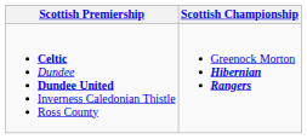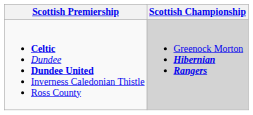 <table class="wikitable" style="text-align:left">
 <tr>
 <th><a href='#'>Scottish Premiership</a></th>
 <th><a href='#'>Scottish Championship</a></th>
 </tr>
 <tr>
 <td valign=top><br><ul><li><strong><a href='#'>Celtic</a></strong></li><li><em><a href='#'>Dundee</a></em></li><li><strong><a href='#'>Dundee United</a></strong></li><li><a href='#'>Inverness Caledonian Thistle</a></li><li><a href='#'>Ross County</a></li></ul></td>
-<td valign=top><br><ul><li><a href='#'>Greenock Morton</a></li><li><strong><em><a href='#'>Hibernian</a></em></strong></li><li><strong><em><a href='#'>Rangers</a></em></strong></li></ul></td>
+<td valign=top style="background: lightgrey;"><br><ul><li><a href='#'>Greenock Morton</a></li><li><strong><em><a href='#'>Hibernian</a></em></strong></li><li><strong><em><a href='#'>Rangers</a></em></strong></li></ul></td>
 </tr>
 </table>
